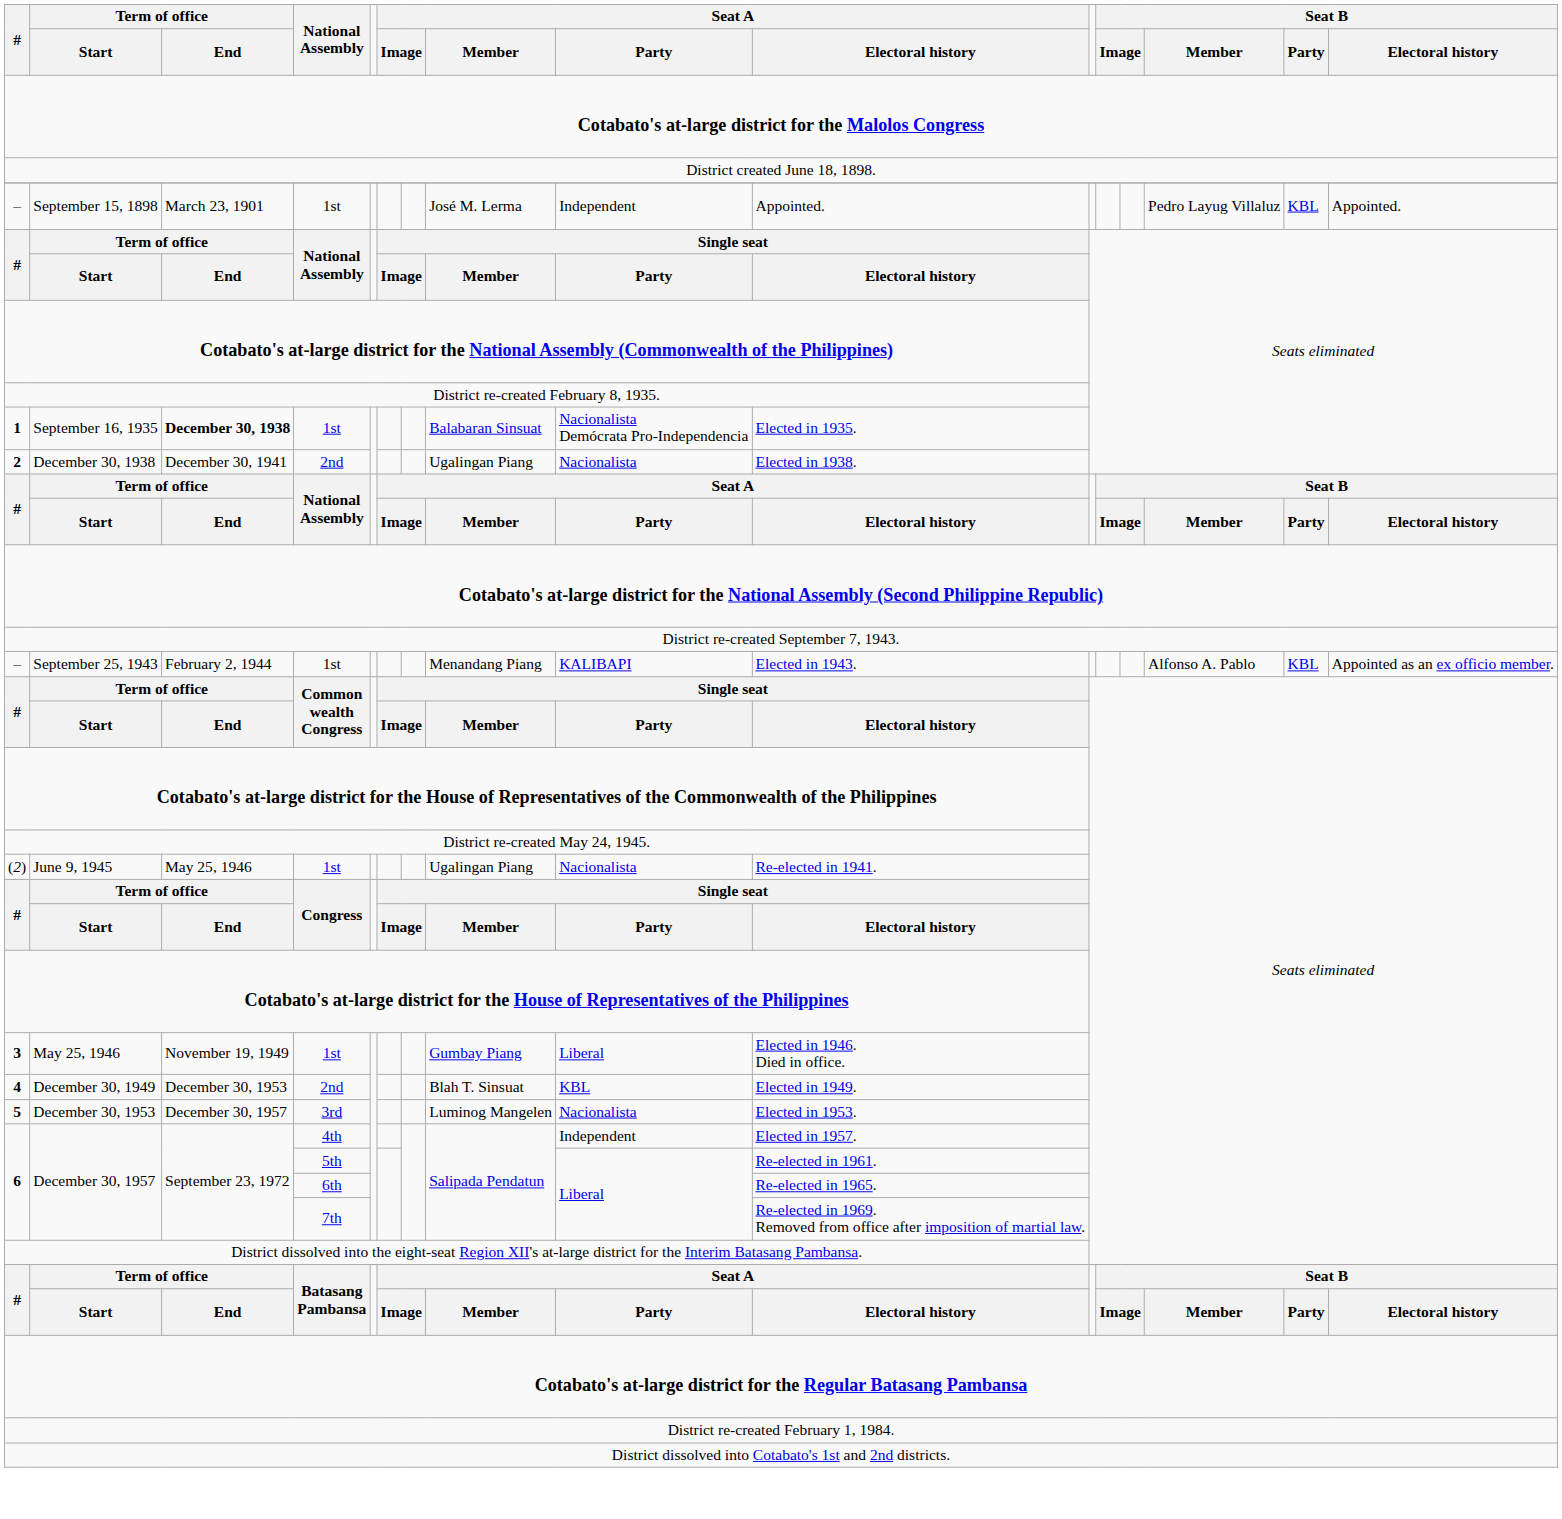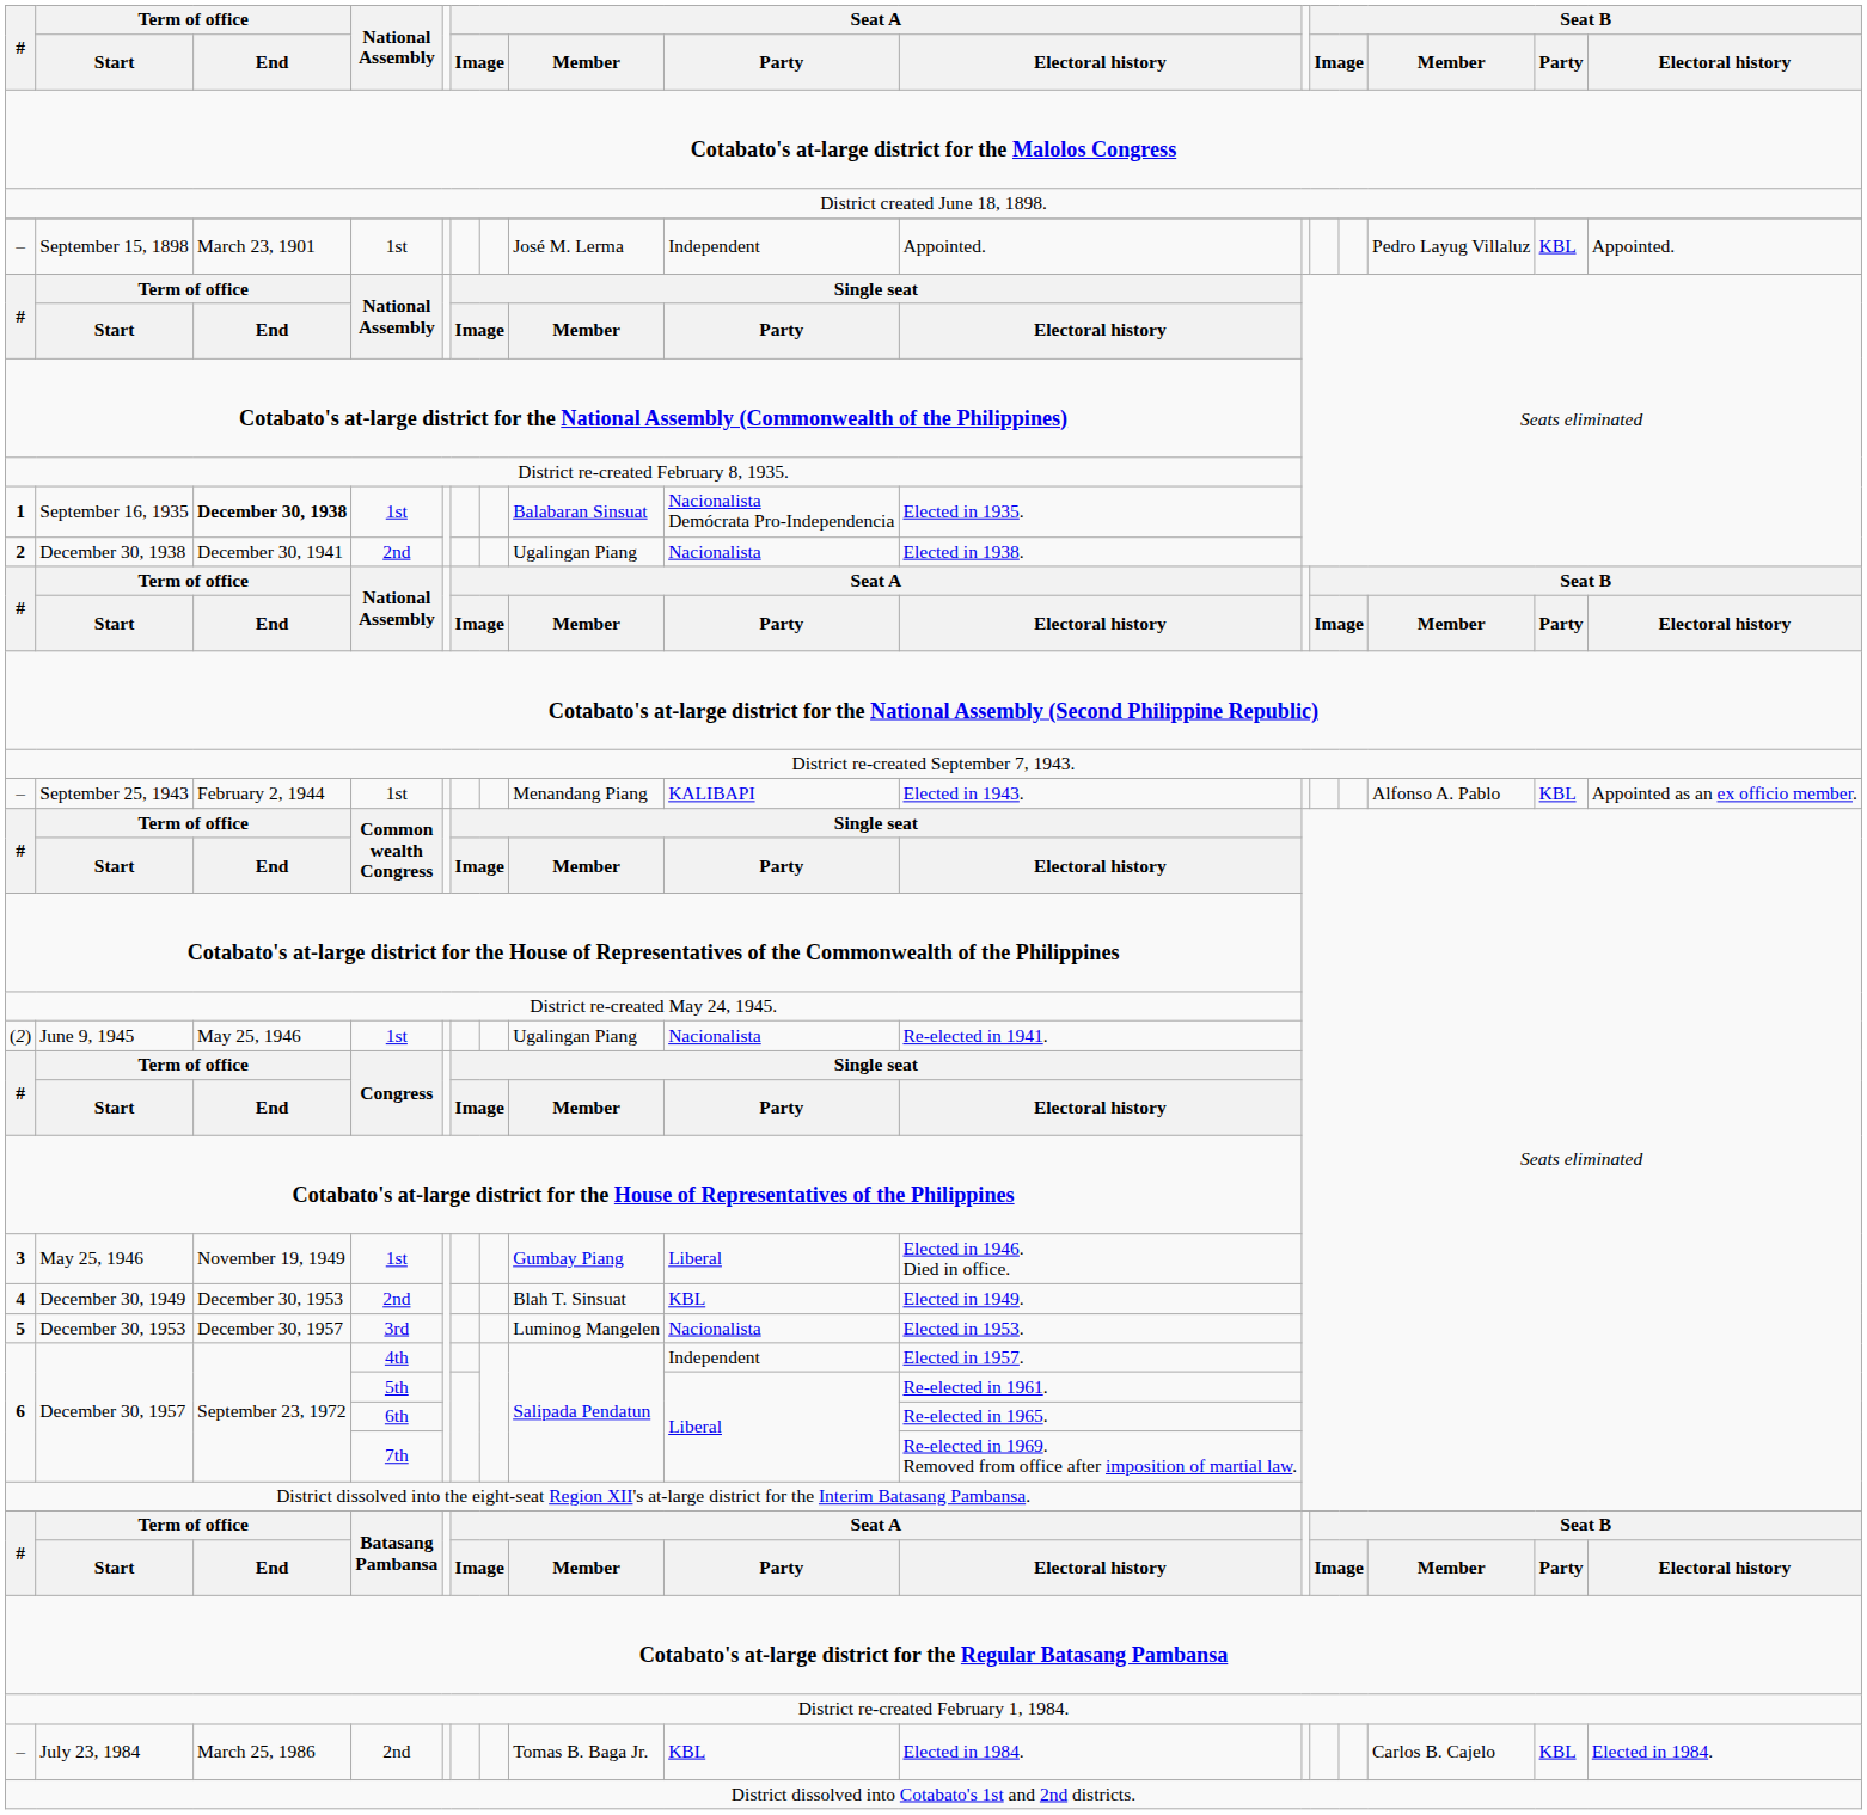 <table class=wikitable>
 <tr>
 <th rowspan=2>#</th>
 <th colspan=2>Term of office</th>
 <th rowspan=2>National<br>Assembly</th>
 <td rowspan=2></td>
 <th colspan=5>Seat A</th>
 <td rowspan=2></td>
 <th colspan=5>Seat B</th>
 </tr>
 <tr style="height:3em">
 <th>Start</th>
 <th>End</th>
 <th colspan="2" style="text-align:center;">Image</th>
 <th>Member</th>
 <th>Party</th>
 <th>Electoral history</th>
 <th colspan="2" style="text-align:center;">Image</th>
 <th>Member</th>
 <th>Party</th>
 <th>Electoral history</th>
 </tr>
 <tr>
 <td colspan="16" style="text-align:center;"><br><h3>Cotabato's at-large district for the <a href='#'>Malolos Congress</a></h3></td>
 </tr>
 <tr>
 <td colspan="16" style="text-align:center;">District created June 18, 1898.</td>
 </tr>
 <tr>
 </tr>
 <tr style="height:3em">
 <td style="text-align:center;">–</td>
 <td>September 15, 1898</td>
 <td>March 23, 1901</td>
 <td style="text-align:center;">1st</td>
 <td></td>
 <td style="color:inherit;background:"></td>
 <td></td>
 <td>José M. Lerma</td>
 <td>Independent</td>
 <td>Appointed.</td>
 <td></td>
 <td style="color:inherit;background:"></td>
 <td></td>
 <td>Pedro Layug Villaluz</td>
 <td><a href='#'>KBL</a></td>
 <td>Appointed.</td>
 </tr>
 <tr>
 <th rowspan=2>#</th>
 <th colspan=2>Term of office</th>
 <th rowspan=2>National<br>Assembly</th>
 <td rowspan=2></td>
 <th colspan=5>Single seat</th>
 <td rowspan=6 colspan=6 style="text-align:center;"><em>Seats eliminated</em></td>
 </tr>
 <tr style="height:3em">
 <th>Start</th>
 <th>End</th>
 <th colspan="2" style="text-align:center;">Image</th>
 <th>Member</th>
 <th>Party</th>
 <th>Electoral history</th>
 </tr>
 <tr>
 <td colspan="10" style="text-align:center;"><br><h3>Cotabato's at-large district for the <a href='#'>National Assembly (Commonwealth of the Philippines)</a></h3></td>
 </tr>
 <tr>
 <td colspan="10" style="text-align:center;">District re-created February 8, 1935.</td>
 </tr>
 <tr>
 <td style="text-align:center;"><strong>1</strong></td>
 <td>September 16, 1935</td>
 <td><strong>December 30, 1938</strong></td>
 <td style="text-align:center;"><a href='#'>1st</a></td>
 <td rowspan=2></td>
 <td style="color:inherit;background:"></td>
 <td></td>
 <td><a href='#'>Balabaran Sinsuat</a></td>
 <td><a href='#'>Nacionalista</a><br>Demócrata Pro-Independencia</td>
 <td><a href='#'>Elected in 1935</a>.</td>
 </tr>
 <tr>
 <td style="text-align:center;"><strong>2</strong></td>
 <td>December 30, 1938</td>
 <td>December 30, 1941</td>
 <td style="text-align:center;"><a href='#'>2nd</a></td>
 <td style="color:inherit;background:"></td>
 <td></td>
 <td>Ugalingan Piang</td>
 <td><a href='#'>Nacionalista</a></td>
 <td><a href='#'>Elected in 1938</a>.</td>
 </tr>
 <tr>
 <th rowspan=2>#</th>
 <th colspan=2>Term of office</th>
 <th rowspan=2>National<br>Assembly</th>
 <td rowspan=2></td>
 <th colspan=5>Seat A</th>
 <td rowspan=2></td>
 <th colspan=5>Seat B</th>
 </tr>
 <tr style="height:3em">
 <th>Start</th>
 <th>End</th>
 <th colspan="2" style="text-align:center;">Image</th>
 <th>Member</th>
 <th>Party</th>
 <th>Electoral history</th>
 <th colspan="2" style="text-align:center;">Image</th>
 <th>Member</th>
 <th>Party</th>
 <th>Electoral history</th>
 </tr>
 <tr>
 <td colspan="16" style="text-align:center;"><br><h3>Cotabato's at-large district for the <a href='#'>National Assembly (Second Philippine Republic)</a></h3></td>
 </tr>
 <tr>
 <td colspan="16" style="text-align:center;">District re-created September 7, 1943.</td>
 </tr>
 <tr>
 <td style="text-align:center;">–</td>
 <td>September 25, 1943</td>
 <td>February 2, 1944</td>
 <td style="text-align:center;">1st</td>
 <td></td>
 <td style="color:inherit;background:"></td>
 <td></td>
 <td>Menandang Piang</td>
 <td><a href='#'>KALIBAPI</a></td>
 <td><a href='#'>Elected in 1943</a>.</td>
 <td></td>
 <td style="color:inherit;background:"></td>
 <td></td>
 <td>Alfonso A. Pablo</td>
 <td><a href='#'>KBL</a></td>
 <td>Appointed as an <a href='#'>ex officio member</a>.</td>
 </tr>
 <tr>
 <th rowspan=2>#</th>
 <th colspan=2>Term of office</th>
 <th rowspan=2>Common<br>wealth<br>Congress</th>
 <td rowspan=2></td>
 <th colspan=5>Single seat</th>
 <td rowspan=16 colspan=6 style="text-align:center;"><em>Seats eliminated</em></td>
 </tr>
 <tr style="height:3em">
 <th>Start</th>
 <th>End</th>
 <th colspan="2" style="text-align:center;">Image</th>
 <th>Member</th>
 <th>Party</th>
 <th>Electoral history</th>
 </tr>
 <tr>
 <td colspan="10" style="text-align:center;"><br><h3>Cotabato's at-large district for the House of Representatives of the Commonwealth of the Philippines</h3></td>
 </tr>
 <tr>
 <td colspan="10" style="text-align:center;">District re-created May 24, 1945.</td>
 </tr>
 <tr>
 <td style="text-align:center;">(<em>2</em>)</td>
 <td>June 9, 1945</td>
 <td>May 25, 1946</td>
 <td style="text-align:center;"><a href='#'>1st</a></td>
 <td></td>
 <td style="color:inherit;background:"></td>
 <td></td>
 <td>Ugalingan Piang</td>
 <td><a href='#'>Nacionalista</a></td>
 <td><a href='#'>Re-elected in 1941</a>.</td>
 </tr>
 <tr>
 <th rowspan=2>#</th>
 <th colspan=2>Term of office</th>
 <th rowspan=2>Congress</th>
 <td rowspan=2></td>
 <th colspan=5>Single seat</th>
 </tr>
 <tr style="height:3em">
 <th>Start</th>
 <th>End</th>
 <th colspan="2" style="text-align:center;">Image</th>
 <th>Member</th>
 <th>Party</th>
 <th>Electoral history</th>
 </tr>
 <tr>
 <td colspan="10" style="text-align:center;"><br><h3>Cotabato's at-large district for the <a href='#'>House of Representatives of the Philippines</a></h3></td>
 </tr>
 <tr>
 <td style="text-align:center;"><strong>3</strong></td>
 <td>May 25, 1946</td>
 <td>November 19, 1949</td>
 <td style="text-align:center;"><a href='#'>1st</a></td>
 <td rowspan=7></td>
 <td style="color:inherit;background:"></td>
 <td></td>
 <td><a href='#'>Gumbay Piang</a></td>
 <td><a href='#'>Liberal</a></td>
 <td><a href='#'>Elected in 1946</a>.<br>Died in office.</td>
 </tr>
 <tr>
 <td style="text-align:center;"><strong>4</strong></td>
 <td>December 30, 1949</td>
 <td>December 30, 1953</td>
 <td style="text-align:center;"><a href='#'>2nd</a></td>
 <td style="color:inherit;background:"></td>
 <td></td>
 <td>Blah T. Sinsuat</td>
 <td><a href='#'>KBL</a></td>
 <td><a href='#'>Elected in 1949</a>.</td>
 </tr>
 <tr>
 <td style="text-align:center;"><strong>5</strong></td>
 <td>December 30, 1953</td>
 <td>December 30, 1957</td>
 <td style="text-align:center;"><a href='#'>3rd</a></td>
 <td style="color:inherit;background:"></td>
 <td></td>
 <td>Luminog Mangelen</td>
 <td><a href='#'>Nacionalista</a></td>
 <td><a href='#'>Elected in 1953</a>.</td>
 </tr>
 <tr>
 <td rowspan="4" style="text-align:center;"><strong>6</strong></td>
 <td rowspan="4">December 30, 1957</td>
 <td rowspan="4">September 23, 1972</td>
 <td style="text-align:center;"><a href='#'>4th</a></td>
 <td style="color:inherit;background:"></td>
 <td rowspan="4"></td>
 <td rowspan="4"><a href='#'>Salipada Pendatun</a></td>
 <td>Independent</td>
 <td><a href='#'>Elected in 1957</a>.</td>
 </tr>
 <tr>
 <td style="text-align:center;"><a href='#'>5th</a></td>
 <td rowspan="3" style="color:inherit;background:"></td>
 <td rowspan="3"><a href='#'>Liberal</a></td>
 <td><a href='#'>Re-elected in 1961</a>.</td>
 </tr>
 <tr>
 <td style="text-align:center;"><a href='#'>6th</a></td>
 <td><a href='#'>Re-elected in 1965</a>.</td>
 </tr>
 <tr>
 <td style="text-align:center;"><a href='#'>7th</a></td>
 <td><a href='#'>Re-elected in 1969</a>.<br>Removed from office after <a href='#'>imposition of martial law</a>.</td>
 </tr>
 <tr>
 <td colspan="10" style="text-align:center;">District dissolved into the eight-seat <a href='#'>Region XII</a>'s at-large district for the <a href='#'>Interim Batasang Pambansa</a>.</td>
 </tr>
 <tr>
 <th rowspan=2>#</th>
 <th colspan=2>Term of office</th>
 <th rowspan=2>Batasang<br>Pambansa</th>
 <td rowspan=2></td>
 <th colspan=5>Seat A</th>
 <td rowspan=2></td>
 <th colspan=5>Seat B</th>
 </tr>
 <tr style="height:3em">
 <th>Start</th>
 <th>End</th>
 <th colspan="2" style="text-align:center;">Image</th>
 <th>Member</th>
 <th>Party</th>
 <th>Electoral history</th>
 <th colspan="2" style="text-align:center;">Image</th>
 <th>Member</th>
 <th>Party</th>
 <th>Electoral history</th>
 </tr>
 <tr>
 <td colspan="16" style="text-align:center;"><br><h3>Cotabato's at-large district for the <a href='#'>Regular Batasang Pambansa</a></h3></td>
 </tr>
 <tr>
 <td colspan="16" style="text-align:center;">District re-created February 1, 1984.</td>
 </tr>
+<tr style="height:3em">
+<td style="text-align:center;">–</td>
+<td>July 23, 1984</td>
+<td>March 25, 1986</td>
+<td style="text-align:center;">2nd</td>
+<td></td>
+<td style="color:inherit;background:"></td>
+<td></td>
+<td>Tomas B. Baga Jr.</td>
+<td><a href='#'>KBL</a></td>
+<td><a href='#'>Elected in 1984</a>.</td>
+<td></td>
+<td style="color:inherit;background:"></td>
+<td></td>
+<td>Carlos B. Cajelo</td>
+<td><a href='#'>KBL</a></td>
+<td><a href='#'>Elected in 1984</a>.</td>
+</tr>
 <tr>
 <td colspan="16" style="text-align:center;">District dissolved into <a href='#'>Cotabato's 1st</a> and <a href='#'>2nd</a> districts.</td>
 </tr>
 </table>
